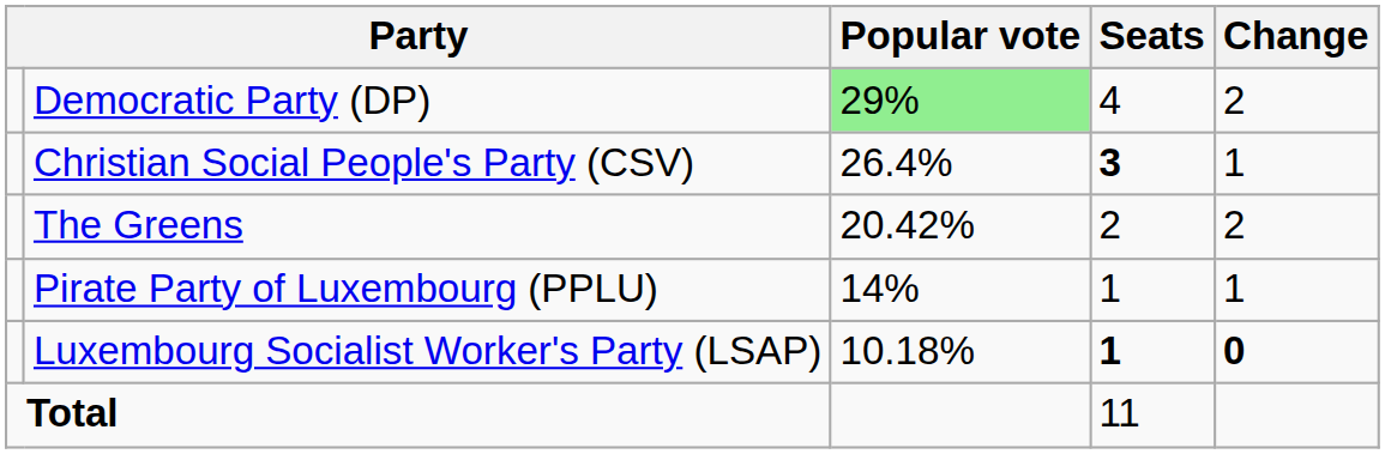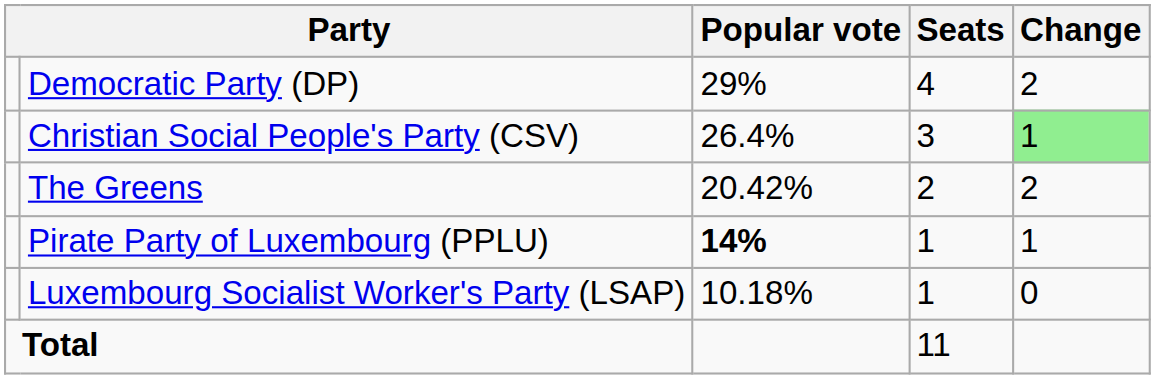 <table class="wikitable">
 <tr>
 <th colspan="2">Party</th>
 <th>Popular vote</th>
 <th>Seats</th>
 <th>Change</th>
 </tr>
 <tr>
 <td style="background-color:"></td>
 <td><a href='#'>Democratic Party</a> (DP)</td>
-<td style="background: lightgreen;">29%</td>
+<td>29%</td>
 <td>4</td>
 <td> 2</td>
 </tr>
 <tr>
 <td style="background-color:"></td>
 <td><a href='#'>Christian Social People's Party</a> (CSV)</td>
 <td>26.4%</td>
-<td><strong>3</strong></td>
-<td> 1</td>
+<td>3</td>
+<td style="background: lightgreen;"> 1</td>
 </tr>
 <tr>
 <td style="background-color:"></td>
 <td><a href='#'>The Greens</a></td>
 <td>20.42%</td>
 <td>2</td>
 <td> 2</td>
 </tr>
 <tr>
 <td style="background-color:"></td>
 <td><a href='#'>Pirate Party of Luxembourg</a> (PPLU)</td>
-<td>14%</td>
+<td><strong>14%</strong></td>
 <td>1</td>
 <td> 1</td>
 </tr>
 <tr>
 <td style="background-color:"></td>
 <td><a href='#'>Luxembourg Socialist Worker's Party</a> (LSAP)</td>
 <td>10.18%</td>
-<td><strong>1</strong></td>
-<td><strong> 0</strong></td>
+<td>1</td>
+<td> 0</td>
 </tr>
 <tr>
 <td colspan="2" rowspan="1"> <strong>Total</strong><br></td>
 <td></td>
 <td>11</td>
 <td></td>
 </tr>
 </table>
